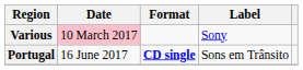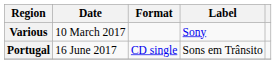 <table class="wikitable plainrowheaders unsortable">
 <tr>
 <th>Region</th>
 <th>Date</th>
 <th>Format</th>
 <th>Label</th>
 <th></th>
 </tr>
 <tr>
 <th scope="row">Various</th>
-<td style="background: pink;">10 March 2017</td>
+<td>10 March 2017</td>
 <td></td>
 <td><a href='#'>Sony</a></td>
 <td></td>
 </tr>
 <tr>
 <th scope="row">Portugal</th>
 <td>16 June 2017</td>
-<td><strong><a href='#'>CD single</a></strong></td>
+<td><a href='#'>CD single</a></td>
 <td>Sons em Trânsito</td>
 <td></td>
 </tr>
 <tr>
 </tr>
 </table>
